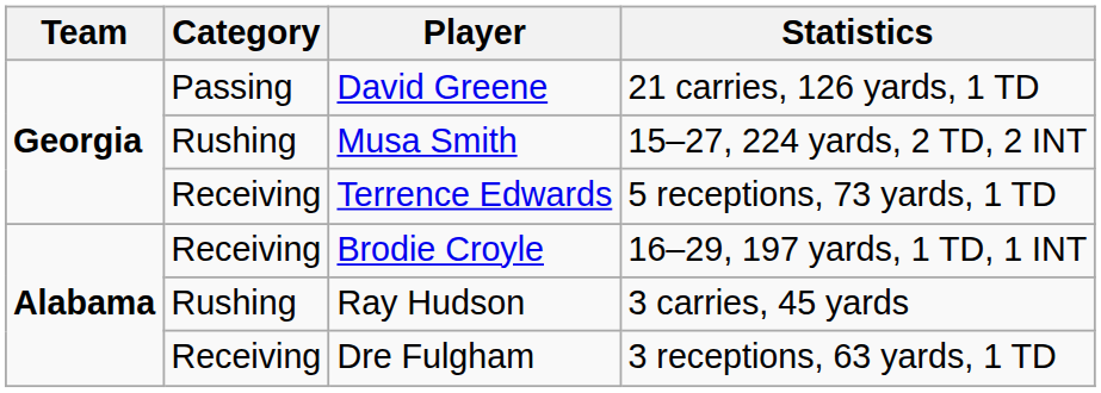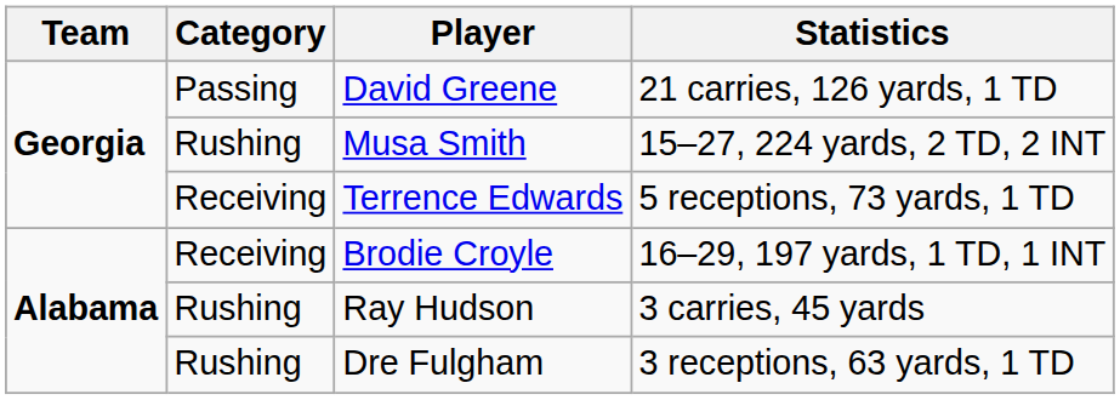 <table class="wikitable" style="float: right;">
 <tr>
 <th>Team</th>
 <th>Category</th>
 <th>Player</th>
 <th>Statistics</th>
 </tr>
 <tr>
 <td rowspan=3><strong>Georgia</strong></td>
 <td>Passing</td>
 <td><a href='#'>David Greene</a></td>
 <td>21 carries, 126 yards, 1 TD</td>
 </tr>
 <tr>
 <td>Rushing</td>
 <td><a href='#'>Musa Smith</a></td>
 <td>15–27, 224 yards, 2 TD, 2 INT</td>
 </tr>
 <tr>
 <td>Receiving</td>
 <td><a href='#'>Terrence Edwards</a></td>
 <td>5 receptions, 73 yards, 1 TD</td>
 </tr>
 <tr>
 <td rowspan=3><strong>Alabama</strong></td>
 <td>Receiving</td>
 <td><a href='#'>Brodie Croyle</a></td>
 <td>16–29, 197 yards, 1 TD, 1 INT</td>
 </tr>
 <tr>
 <td>Rushing</td>
 <td>Ray Hudson</td>
 <td>3 carries, 45 yards</td>
 </tr>
 <tr>
-<td>Receiving</td>
+<td>Rushing</td>
 <td>Dre Fulgham</td>
 <td>3 receptions, 63 yards, 1 TD</td>
 </tr>
 </table>
